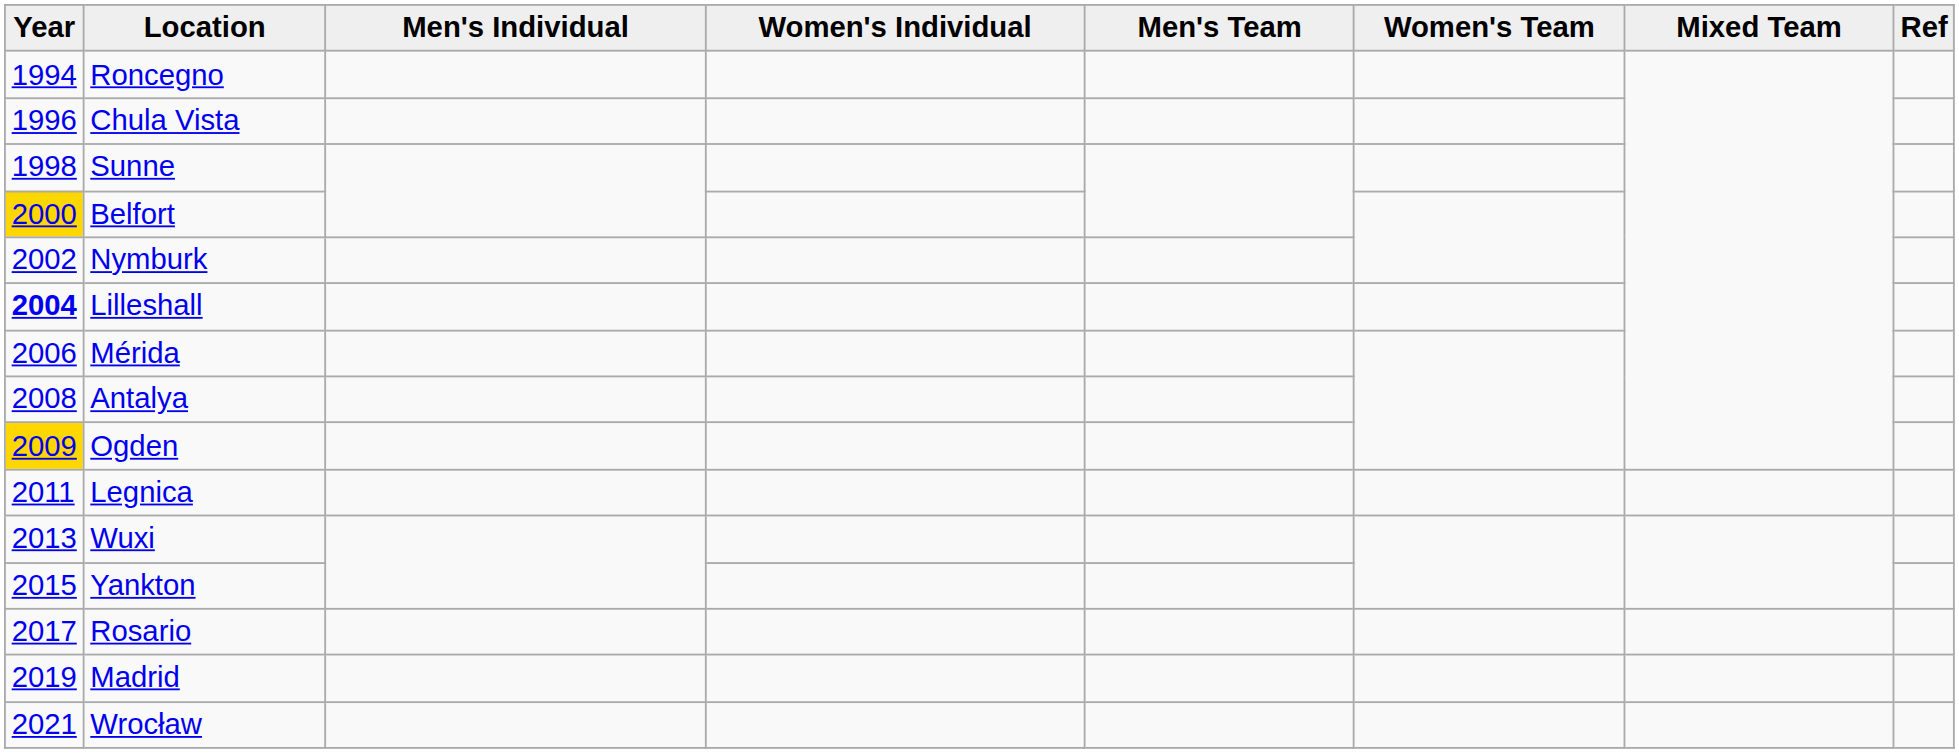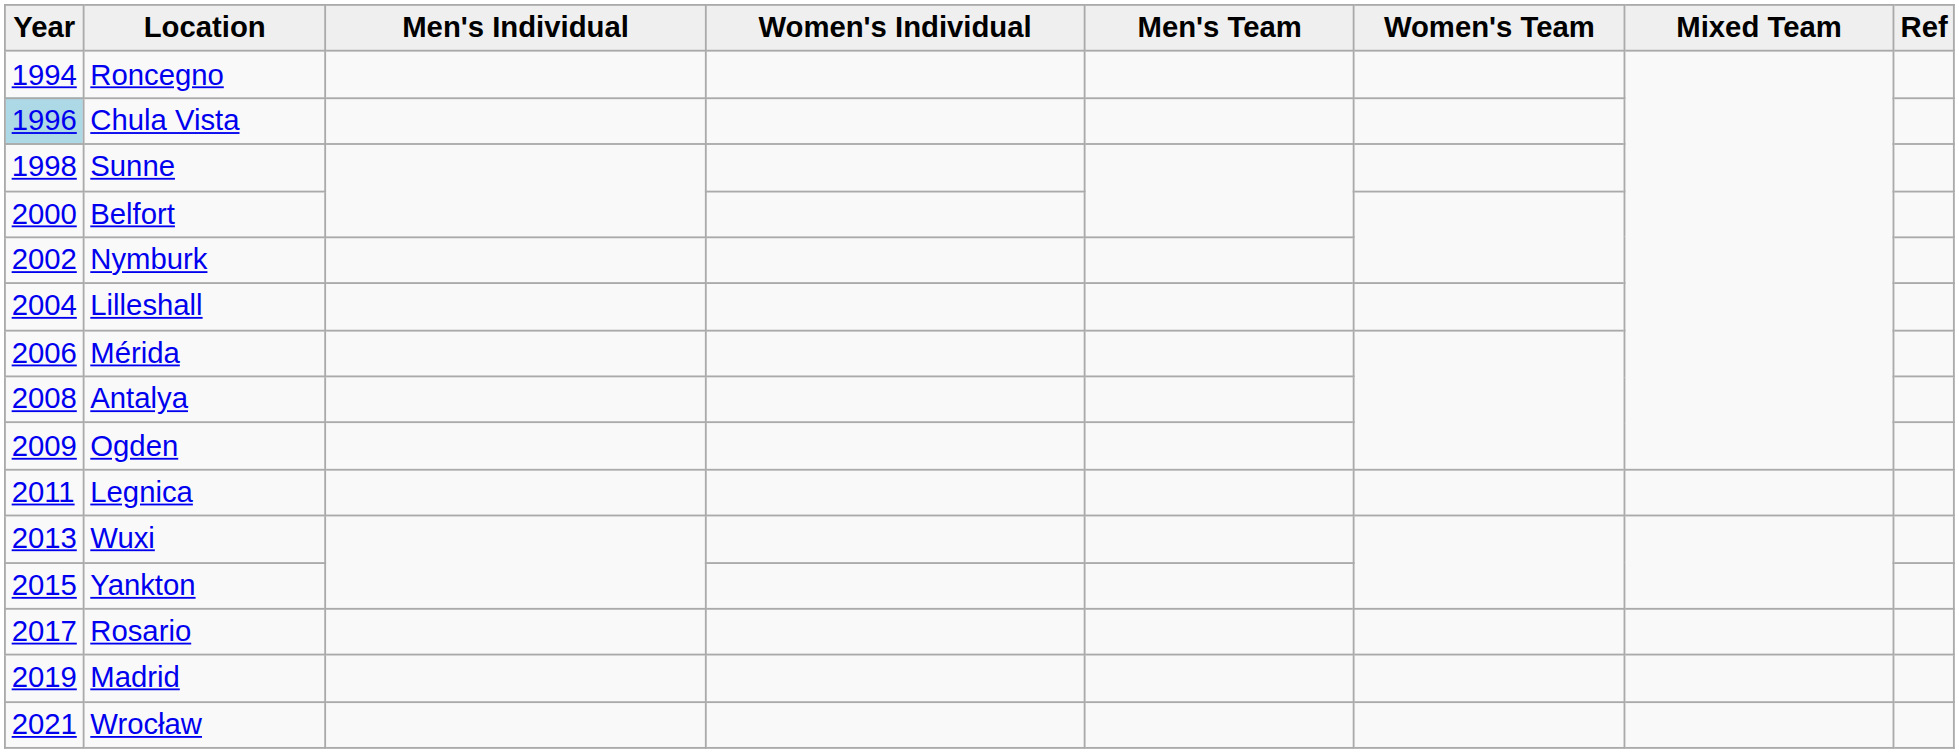 <table class="wikitable">
 <tr>
 <th scope="col" ! width="25" style="background: #efefef;">Year</th>
 <th scope="col" ! width="125" style="background: #efefef;">Location</th>
 <th scope="col" ! width="200" style="background: #efefef;">Men's Individual</th>
 <th scope="col" ! width="200" style="background: #efefef;">Women's Individual</th>
 <th scope="col" ! width="140" style="background: #efefef;">Men's Team</th>
 <th scope="col" ! width="140" style="background: #efefef;">Women's Team</th>
 <th scope="col" ! width="140" style="background: #efefef;">Mixed Team</th>
 <th scope="col" ! width="25" style="background: #efefef;">Ref</th>
 </tr>
 <tr>
 <td><a href='#'>1994</a></td>
 <td> <a href='#'>Roncegno</a></td>
 <td></td>
 <td></td>
 <td></td>
 <td></td>
 <td rowspan=9></td>
 <td></td>
 </tr>
 <tr>
-<td><a href='#'>1996</a></td>
+<td style="background: lightblue;"><a href='#'>1996</a></td>
 <td> <a href='#'>Chula Vista</a></td>
 <td></td>
 <td></td>
 <td></td>
 <td></td>
 <td></td>
 </tr>
 <tr>
 <td><a href='#'>1998</a></td>
 <td> <a href='#'>Sunne</a></td>
 <td rowspan=2></td>
 <td></td>
 <td rowspan=2></td>
 <td></td>
 <td></td>
 </tr>
 <tr>
-<td style="background: gold;"><a href='#'>2000</a></td>
+<td><a href='#'>2000</a></td>
 <td> <a href='#'>Belfort</a></td>
 <td></td>
 <td rowspan=2></td>
 <td></td>
 </tr>
 <tr>
 <td><a href='#'>2002</a></td>
 <td> <a href='#'>Nymburk</a></td>
 <td></td>
 <td></td>
 <td></td>
 <td></td>
 </tr>
 <tr>
-<td><strong><a href='#'>2004</a></strong></td>
+<td><a href='#'>2004</a></td>
 <td> <a href='#'>Lilleshall</a></td>
 <td></td>
 <td></td>
 <td></td>
 <td></td>
 <td></td>
 </tr>
 <tr>
 <td><a href='#'>2006</a></td>
 <td> <a href='#'>Mérida</a></td>
 <td></td>
 <td></td>
 <td></td>
 <td rowspan=3></td>
 <td></td>
 </tr>
 <tr>
 <td><a href='#'>2008</a></td>
 <td> <a href='#'>Antalya</a></td>
 <td></td>
 <td></td>
 <td></td>
 <td></td>
 </tr>
 <tr>
-<td style="background: gold;"><a href='#'>2009</a></td>
+<td><a href='#'>2009</a></td>
 <td> <a href='#'>Ogden</a></td>
 <td></td>
 <td></td>
 <td></td>
 <td></td>
 </tr>
 <tr>
 <td><a href='#'>2011</a></td>
 <td> <a href='#'>Legnica</a></td>
 <td></td>
 <td></td>
 <td></td>
 <td></td>
 <td></td>
 <td></td>
 </tr>
 <tr>
 <td><a href='#'>2013</a></td>
 <td> <a href='#'>Wuxi</a></td>
 <td rowspan=2></td>
 <td></td>
 <td></td>
 <td rowspan=2></td>
 <td rowspan=2></td>
 <td></td>
 </tr>
 <tr>
 <td><a href='#'>2015</a></td>
 <td> <a href='#'>Yankton</a></td>
 <td></td>
 <td></td>
 <td></td>
 </tr>
 <tr>
 <td><a href='#'>2017</a></td>
 <td> <a href='#'>Rosario</a></td>
 <td></td>
 <td></td>
 <td></td>
 <td></td>
 <td></td>
 <td></td>
 </tr>
 <tr>
 <td><a href='#'>2019</a></td>
 <td> <a href='#'>Madrid</a></td>
 <td></td>
 <td></td>
 <td></td>
 <td></td>
 <td></td>
 <td></td>
 </tr>
 <tr>
 <td><a href='#'>2021</a></td>
 <td> <a href='#'>Wrocław</a></td>
 <td></td>
 <td></td>
 <td></td>
 <td></td>
 <td></td>
 <td></td>
 </tr>
 </table>
